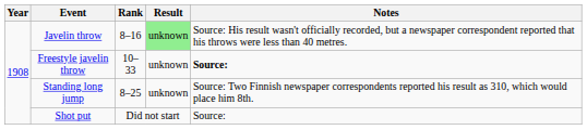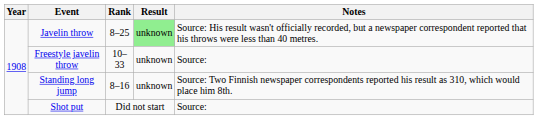 <table class="wikitable" style=" text-align:center;">
 <tr>
 <th>Year</th>
 <th>Event</th>
 <th>Rank</th>
 <th>Result</th>
 <th>Notes</th>
 </tr>
 <tr>
 <td rowspan=4><a href='#'>1908</a></td>
 <td><a href='#'>Javelin throw</a></td>
-<td>8–16</td>
+<td>8–25</td>
 <td style="background: lightgreen;">unknown</td>
 <td align=left>Source: His result wasn't officially recorded, but a newspaper correspondent reported that his throws were less than 40 metres.</td>
 </tr>
 <tr>
 <td><a href='#'>Freestyle javelin throw</a></td>
 <td>10–33</td>
 <td>unknown</td>
-<td align=left><strong>Source:</strong></td>
+<td align=left>Source:</td>
 </tr>
 <tr>
 <td><a href='#'>Standing long jump</a></td>
-<td>8–25</td>
+<td>8–16</td>
 <td>unknown</td>
 <td align=left>Source: Two Finnish newspaper correspondents reported his result as 310, which would place him 8th.</td>
 </tr>
 <tr>
 <td><a href='#'>Shot put</a></td>
 <td colspan=2>Did not start</td>
 <td align=left>Source:</td>
 </tr>
 </table>
